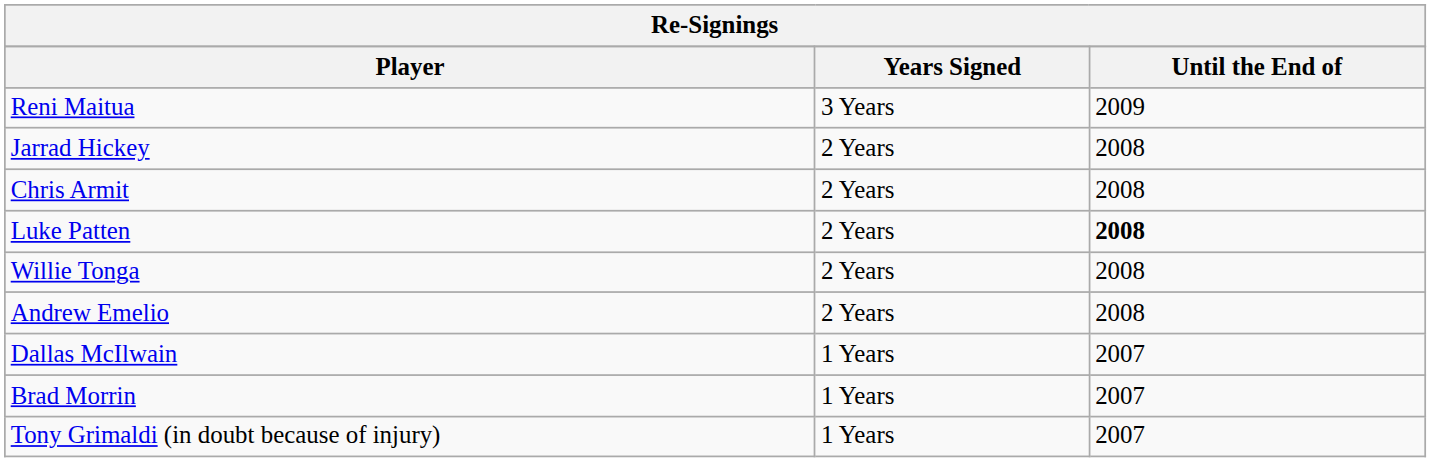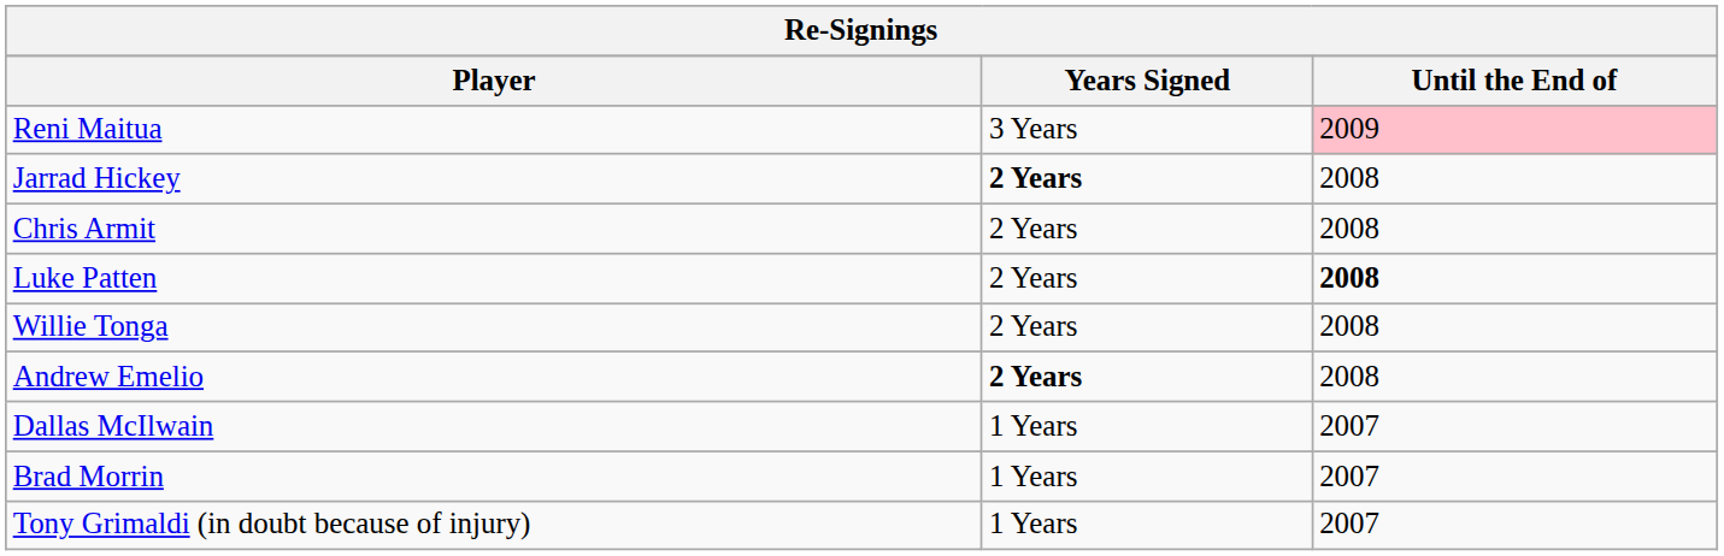 <table class="wikitable" width="65%" style="font-size:90%">
 <tr bgcolor="#efefef">
 <th colspan=11>Re-Signings</th>
 </tr>
 <tr bgcolor="#efefef">
 </tr>
 <tr>
 <th>Player</th>
 <th>Years Signed</th>
 <th>Until the End of</th>
 </tr>
 <tr>
 <td><a href='#'>Reni Maitua</a></td>
 <td>3 Years</td>
-<td>2009</td>
+<td style="background: pink;">2009</td>
 </tr>
 <tr>
 <td><a href='#'>Jarrad Hickey</a></td>
-<td>2 Years</td>
+<td><strong>2 Years</strong></td>
 <td>2008</td>
 </tr>
 <tr>
 <td><a href='#'>Chris Armit</a></td>
 <td>2 Years</td>
 <td>2008</td>
 </tr>
 <tr>
 <td><a href='#'>Luke Patten</a></td>
 <td>2 Years</td>
 <td><strong>2008</strong></td>
 </tr>
 <tr>
 <td><a href='#'>Willie Tonga</a></td>
 <td>2 Years</td>
 <td>2008</td>
 </tr>
 <tr>
 <td><a href='#'>Andrew Emelio</a></td>
-<td>2 Years</td>
+<td><strong>2 Years</strong></td>
 <td>2008</td>
 </tr>
 <tr>
 <td><a href='#'>Dallas McIlwain</a></td>
 <td>1 Years</td>
 <td>2007</td>
 </tr>
 <tr>
 <td><a href='#'>Brad Morrin</a></td>
 <td>1 Years</td>
 <td>2007</td>
 </tr>
 <tr>
 <td><a href='#'>Tony Grimaldi</a> (in doubt because of injury)</td>
 <td>1 Years</td>
 <td>2007</td>
 </tr>
 </table>
